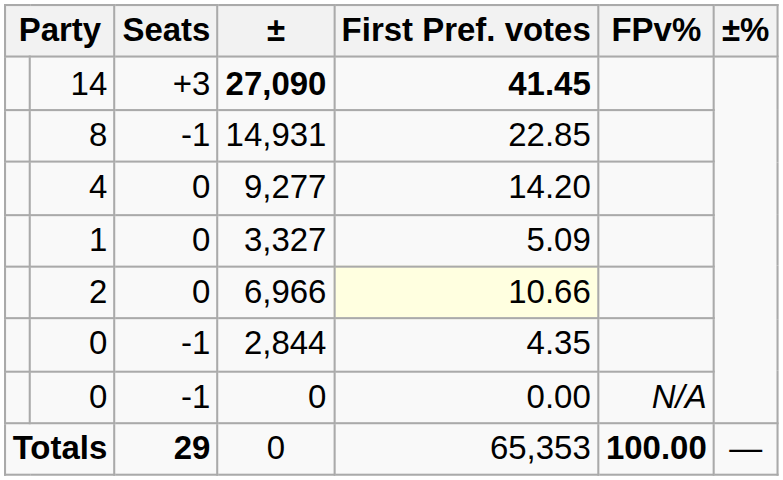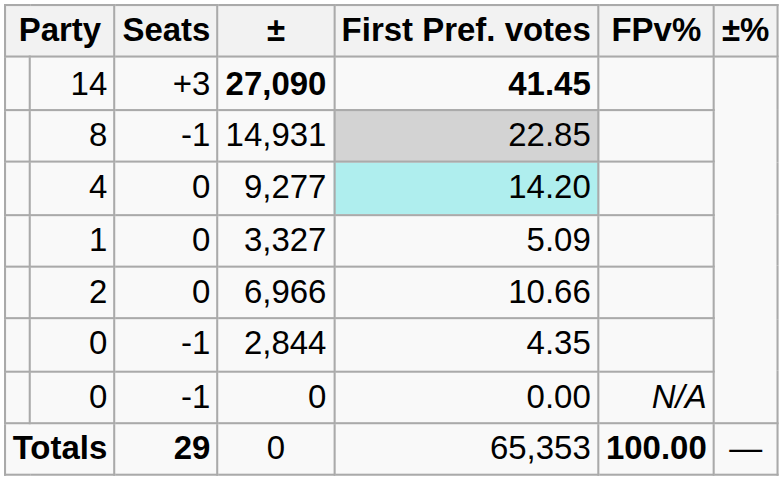 <table class=wikitable>
 <tr>
 <th colspan=2 align=center>Party</th>
 <th valign=top>Seats</th>
 <th valign=top>±</th>
 <th valign=top>First Pref. votes</th>
 <th valign=top>FPv%</th>
 <th valign=top>±%</th>
 </tr>
 <tr>
 <td></td>
 <td align=right>14</td>
 <td align=right>+3</td>
 <td align=right><strong>27,090</strong></td>
 <td align=right><strong>41.45</strong></td>
 <td align=right></td>
 </tr>
 <tr>
 <td></td>
 <td align=right>8</td>
 <td align=right>-1</td>
 <td align=right>14,931</td>
-<td align=right>22.85</td>
+<td align=right style="background: lightgrey;">22.85</td>
 <td align=right></td>
 </tr>
 <tr>
 <td></td>
 <td align=right>4</td>
 <td align=right>0</td>
 <td align=right>9,277</td>
-<td align=right>14.20</td>
+<td align=right style="background: paleturquoise;">14.20</td>
 <td align=right></td>
 </tr>
 <tr>
 <td></td>
 <td align=right>1</td>
 <td align=right>0</td>
 <td align=right>3,327</td>
 <td align=right>5.09</td>
 <td align=right></td>
 </tr>
 <tr>
 <td></td>
 <td align=right>2</td>
 <td align=right>0</td>
 <td align=right>6,966</td>
-<td align=right style="background: lightyellow;">10.66</td>
+<td align=right>10.66</td>
 <td align=right></td>
 </tr>
 <tr>
 <td></td>
 <td align=right>0</td>
 <td align=right>-1</td>
 <td align=right>2,844</td>
 <td align=right>4.35</td>
 <td align=right></td>
 </tr>
 <tr>
 <td></td>
 <td align=right>0</td>
 <td align=right>-1</td>
 <td align=right>0</td>
 <td align=right>0.00</td>
 <td align=right><em>N/A</em></td>
 </tr>
 <tr>
 <td colspan=2 align=center><strong>Totals</strong></td>
 <td align=right><strong>29</strong></td>
 <td align=center>0</td>
 <td align=right>65,353</td>
 <td align=center><strong>100.00</strong></td>
 <td align=center>—</td>
 </tr>
 </table>
